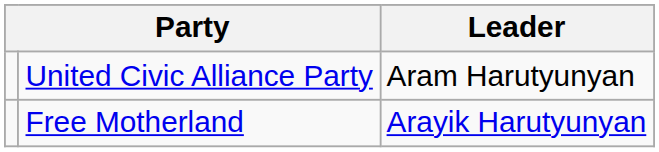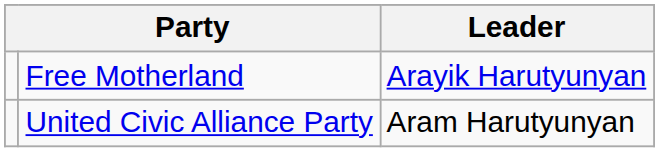 <table class="wikitable" style="text-align:left">
 <tr>
 <th colspan="2">Party</th>
 <th>Leader</th>
 </tr>
 <tr>
 <td></td>
+<td><a href='#'>Free Motherland</a></td>
+<td><a href='#'>Arayik Harutyunyan</a></td>
+</tr>
+<tr>
+<td></td>
 <td><a href='#'>United Civic Alliance Party</a></td>
 <td>Aram Harutyunyan</td>
 </tr>
-<tr>
-<td></td>
-<td><a href='#'>Free Motherland</a></td>
-<td><a href='#'>Arayik Harutyunyan</a></td>
-</tr>
 </table>
